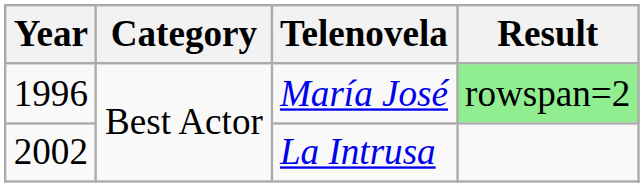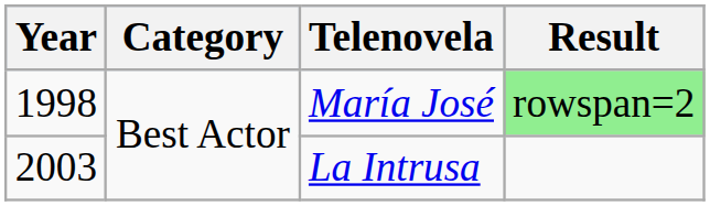 <table class="wikitable">
 <tr style="background:#b0c4de;">
 <th>Year</th>
 <th>Category</th>
 <th>Telenovela</th>
 <th>Result</th>
 </tr>
 <tr>
-<td>1996</td>
+<td>1998</td>
 <td rowspan=2>Best Actor</td>
 <td><em><a href='#'>María José</a></em></td>
 <td style="background: lightgreen;">rowspan=2 </td>
 </tr>
 <tr>
-<td>2002</td>
+<td>2003</td>
 <td><em><a href='#'>La Intrusa</a></em></td>
 </tr>
 </table>
